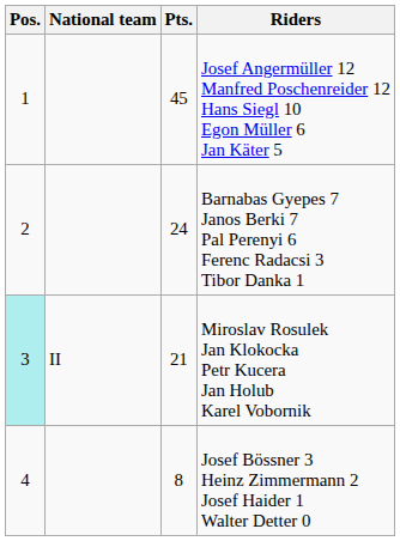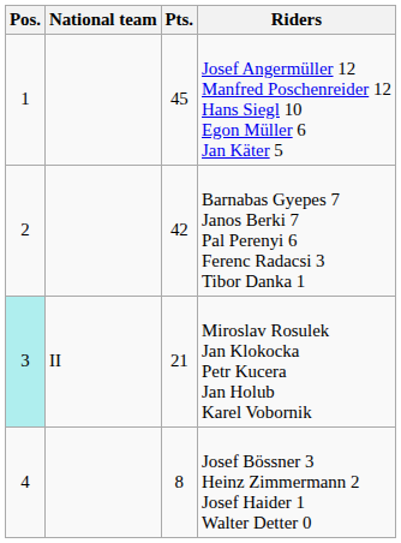 <table class=wikitable style="font-size:93%;">
 <tr>
 <th>Pos.</th>
 <th>National team</th>
 <th>Pts.</th>
 <th>Riders</th>
 </tr>
 <tr align=center >
 <td>1</td>
 <td align=left></td>
 <td>45</td>
 <td align=left><br><a href='#'>Josef Angermüller</a> 12<br> <a href='#'>Manfred Poschenreider</a> 12<br> <a href='#'>Hans Siegl</a> 10<br> <a href='#'>Egon Müller</a> 6<br> <a href='#'>Jan Käter</a> 5</td>
 </tr>
 <tr align=center >
 <td>2</td>
 <td align=left></td>
-<td>24</td>
+<td>42</td>
 <td align=left><br>Barnabas Gyepes 7<br> Janos Berki 7<br> Pal Perenyi 6<br> Ferenc Radacsi 3<br> Tibor Danka 1</td>
 </tr>
 <tr align=center>
 <td style="background: paleturquoise;">3</td>
 <td align=left> II</td>
 <td>21</td>
 <td align=left><br>Miroslav Rosulek<br> Jan Klokocka<br> Petr Kucera<br> Jan Holub<br> Karel Vobornik</td>
 </tr>
 <tr align=center>
 <td>4</td>
 <td align=left></td>
 <td>8</td>
 <td align=left><br>Josef Bössner 3<br> Heinz Zimmermann 2<br> Josef Haider 1<br> Walter Detter 0</td>
 </tr>
 </table>
